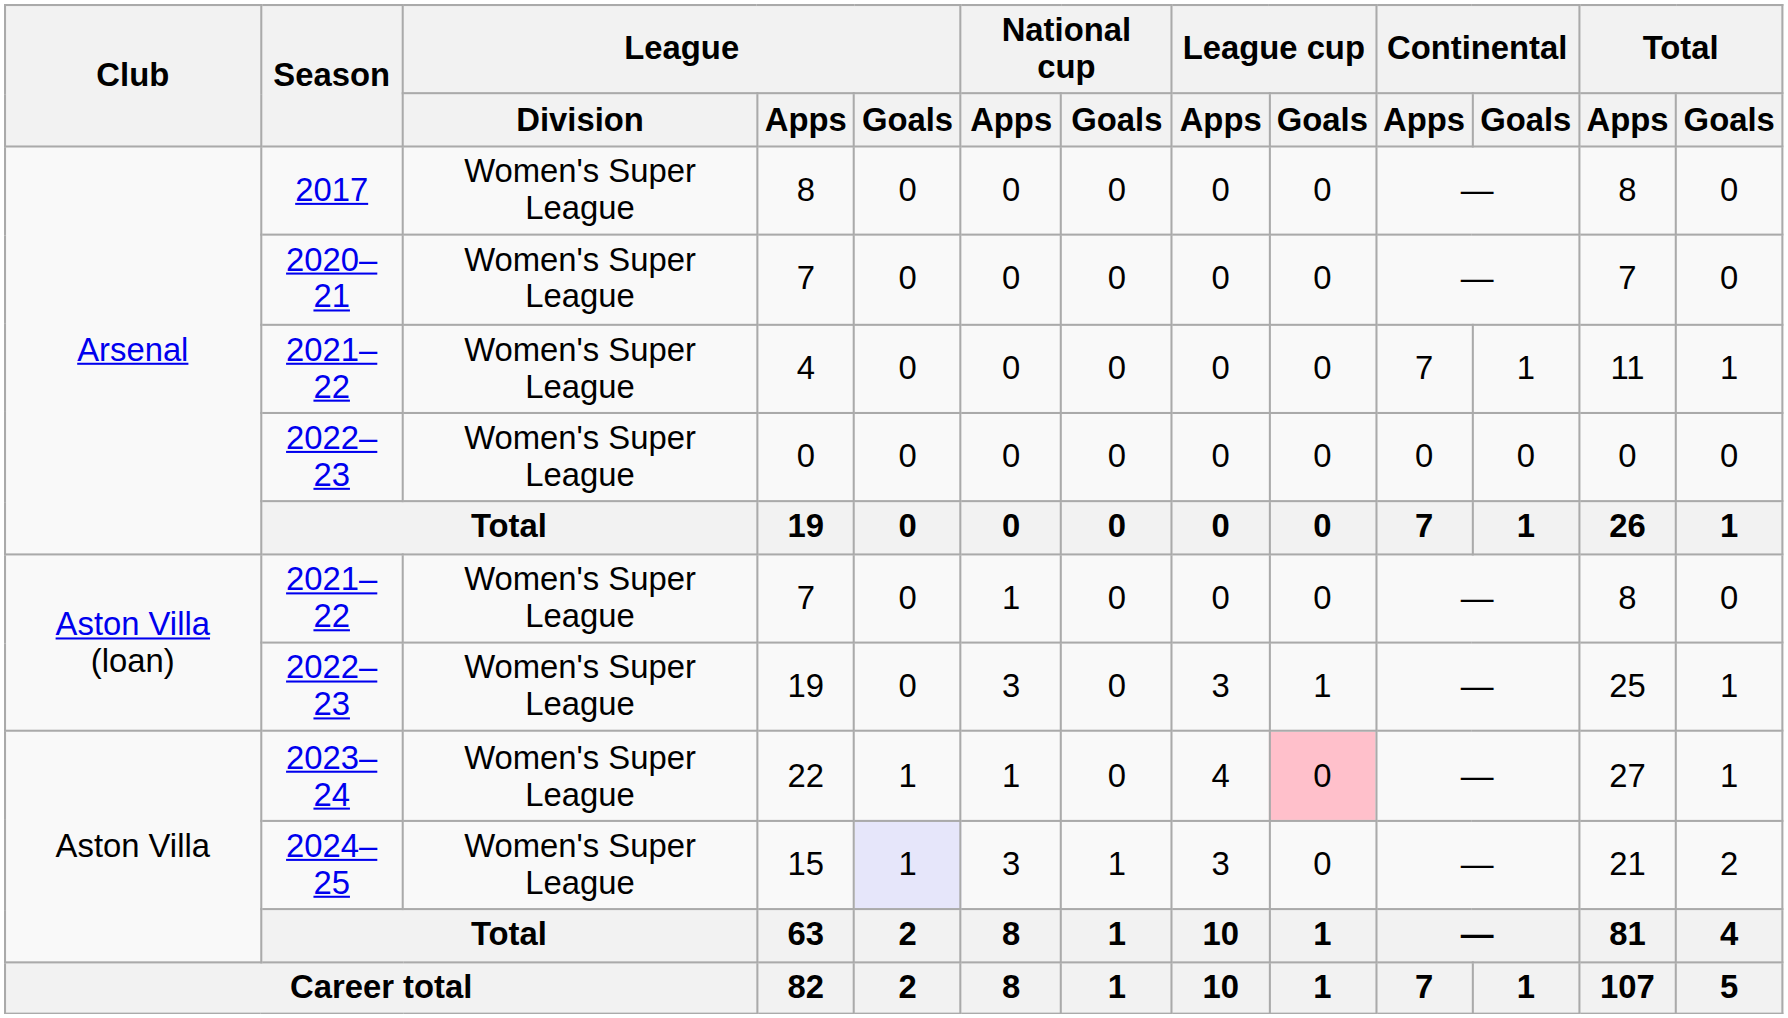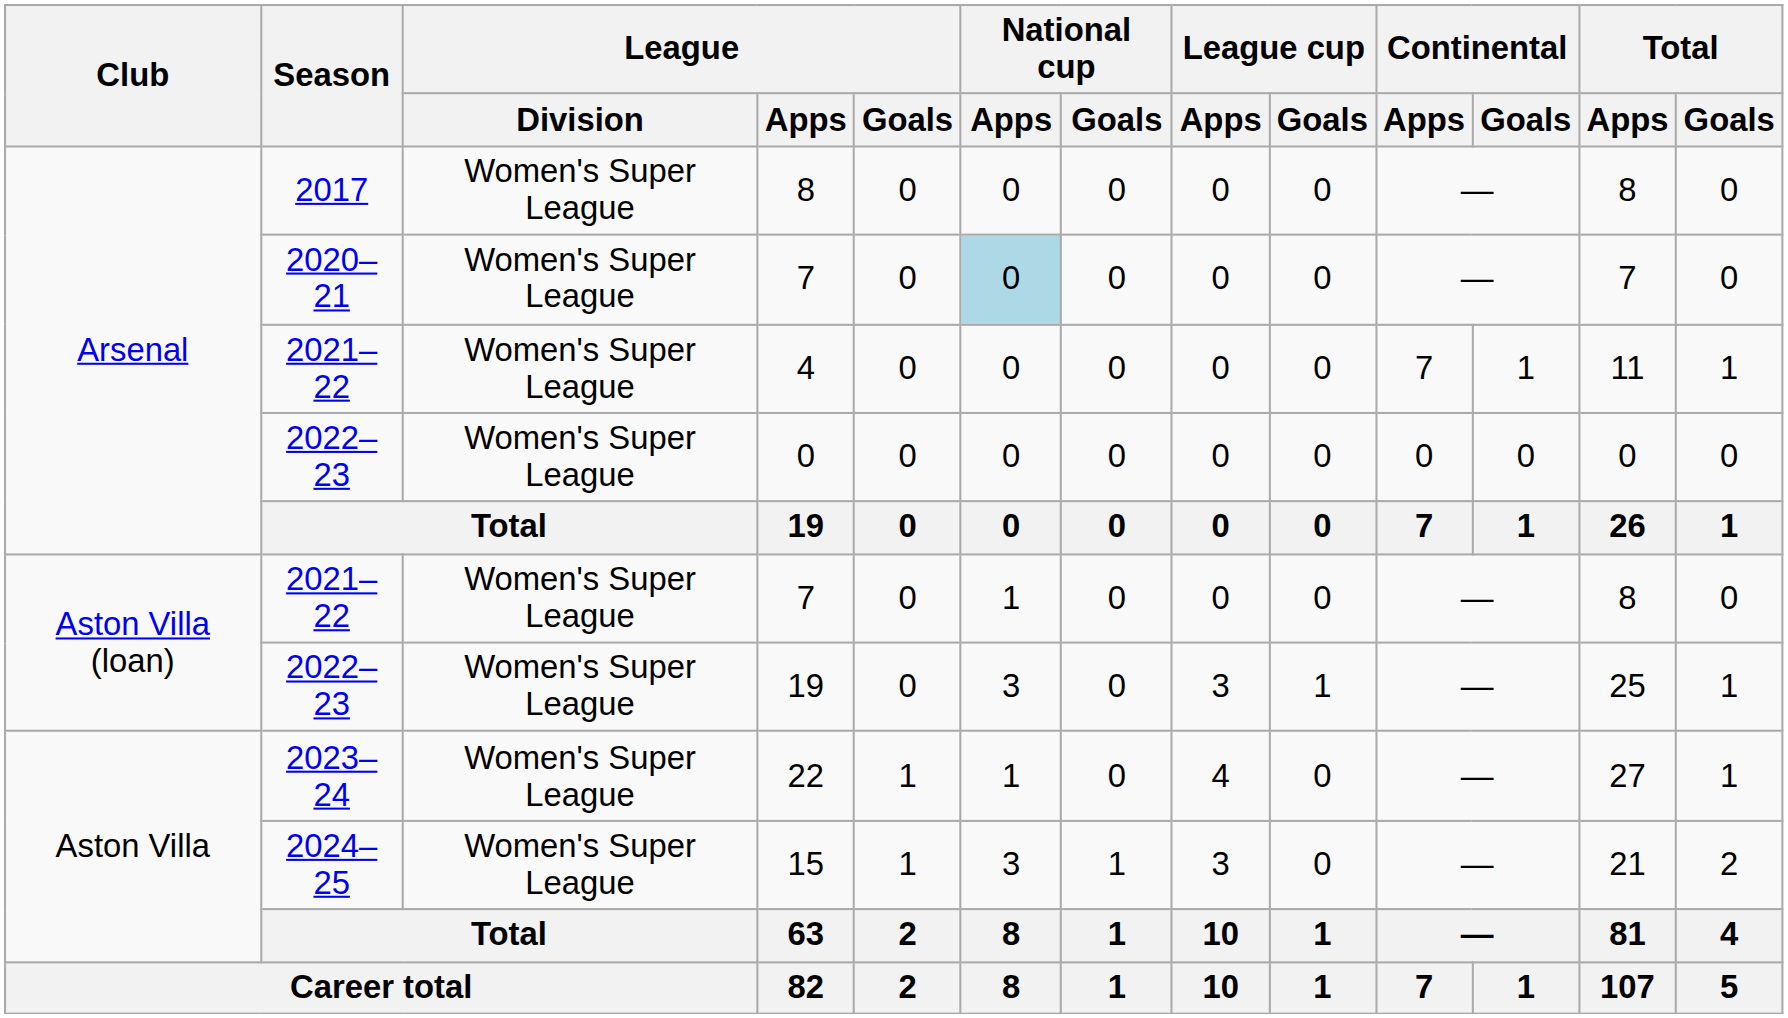 <table class="wikitable" style="text-align:center">
 <tr>
 <th rowspan="2">Club</th>
 <th rowspan="2">Season</th>
 <th colspan="3">League</th>
 <th colspan="2">National cup</th>
 <th colspan="2">League cup</th>
 <th colspan="2">Continental</th>
 <th colspan="2">Total</th>
 </tr>
 <tr>
 <th>Division</th>
 <th>Apps</th>
 <th>Goals</th>
 <th>Apps</th>
 <th>Goals</th>
 <th>Apps</th>
 <th>Goals</th>
 <th>Apps</th>
 <th>Goals</th>
 <th>Apps</th>
 <th>Goals</th>
 </tr>
 <tr>
 <td rowspan="5"><a href='#'>Arsenal</a></td>
 <td><a href='#'>2017</a></td>
 <td>Women's Super League</td>
 <td>8</td>
 <td>0</td>
 <td>0</td>
 <td>0</td>
 <td>0</td>
 <td>0</td>
 <td colspan="2">—</td>
 <td>8</td>
 <td>0</td>
 </tr>
 <tr>
 <td><a href='#'>2020–21</a></td>
 <td>Women's Super League</td>
 <td>7</td>
 <td>0</td>
-<td>0</td>
+<td style="background: lightblue;">0</td>
 <td>0</td>
 <td>0</td>
 <td>0</td>
 <td colspan="2">—</td>
 <td>7</td>
 <td>0</td>
 </tr>
 <tr>
 <td><a href='#'>2021–22</a></td>
 <td>Women's Super League</td>
 <td>4</td>
 <td>0</td>
 <td>0</td>
 <td>0</td>
 <td>0</td>
 <td>0</td>
 <td>7</td>
 <td>1</td>
 <td>11</td>
 <td>1</td>
 </tr>
 <tr>
 <td><a href='#'>2022–23</a></td>
 <td>Women's Super League</td>
 <td>0</td>
 <td>0</td>
 <td>0</td>
 <td>0</td>
 <td>0</td>
 <td>0</td>
 <td>0</td>
 <td>0</td>
 <td>0</td>
 <td>0</td>
 </tr>
 <tr>
 <th colspan="2">Total</th>
 <th>19</th>
 <th>0</th>
 <th>0</th>
 <th>0</th>
 <th>0</th>
 <th>0</th>
 <th>7</th>
 <th>1</th>
 <th>26</th>
 <th>1</th>
 </tr>
 <tr>
 <td rowspan="2"><a href='#'>Aston Villa</a> (loan)</td>
 <td><a href='#'>2021–22</a></td>
 <td>Women's Super League</td>
 <td>7</td>
 <td>0</td>
 <td>1</td>
 <td>0</td>
 <td>0</td>
 <td>0</td>
 <td colspan="2">—</td>
 <td>8</td>
 <td>0</td>
 </tr>
 <tr>
 <td><a href='#'>2022–23</a></td>
 <td>Women's Super League</td>
 <td>19</td>
 <td>0</td>
 <td>3</td>
 <td>0</td>
 <td>3</td>
 <td>1</td>
 <td colspan="2">—</td>
 <td>25</td>
 <td>1</td>
 </tr>
 <tr>
 <td rowspan="3">Aston Villa</td>
 <td><a href='#'>2023–24</a></td>
 <td>Women's Super League</td>
 <td>22</td>
 <td>1</td>
 <td>1</td>
 <td>0</td>
 <td>4</td>
-<td style="background: pink;">0</td>
+<td>0</td>
 <td colspan="2">—</td>
 <td>27</td>
 <td>1</td>
 </tr>
 <tr>
 <td><a href='#'>2024–25</a></td>
 <td>Women's Super League</td>
 <td>15</td>
-<td style="background: lavender;">1</td>
+<td>1</td>
 <td>3</td>
 <td>1</td>
 <td>3</td>
 <td>0</td>
 <td colspan="2">—</td>
 <td>21</td>
 <td>2</td>
 </tr>
 <tr>
 <th colspan="2">Total</th>
 <th>63</th>
 <th>2</th>
 <th>8</th>
 <th>1</th>
 <th>10</th>
 <th>1</th>
 <th colspan="2">—</th>
 <th>81</th>
 <th>4</th>
 </tr>
 <tr>
 <th colspan="3">Career total</th>
 <th>82</th>
 <th>2</th>
 <th>8</th>
 <th>1</th>
 <th>10</th>
 <th>1</th>
 <th>7</th>
 <th>1</th>
 <th>107</th>
 <th>5</th>
 </tr>
 </table>
